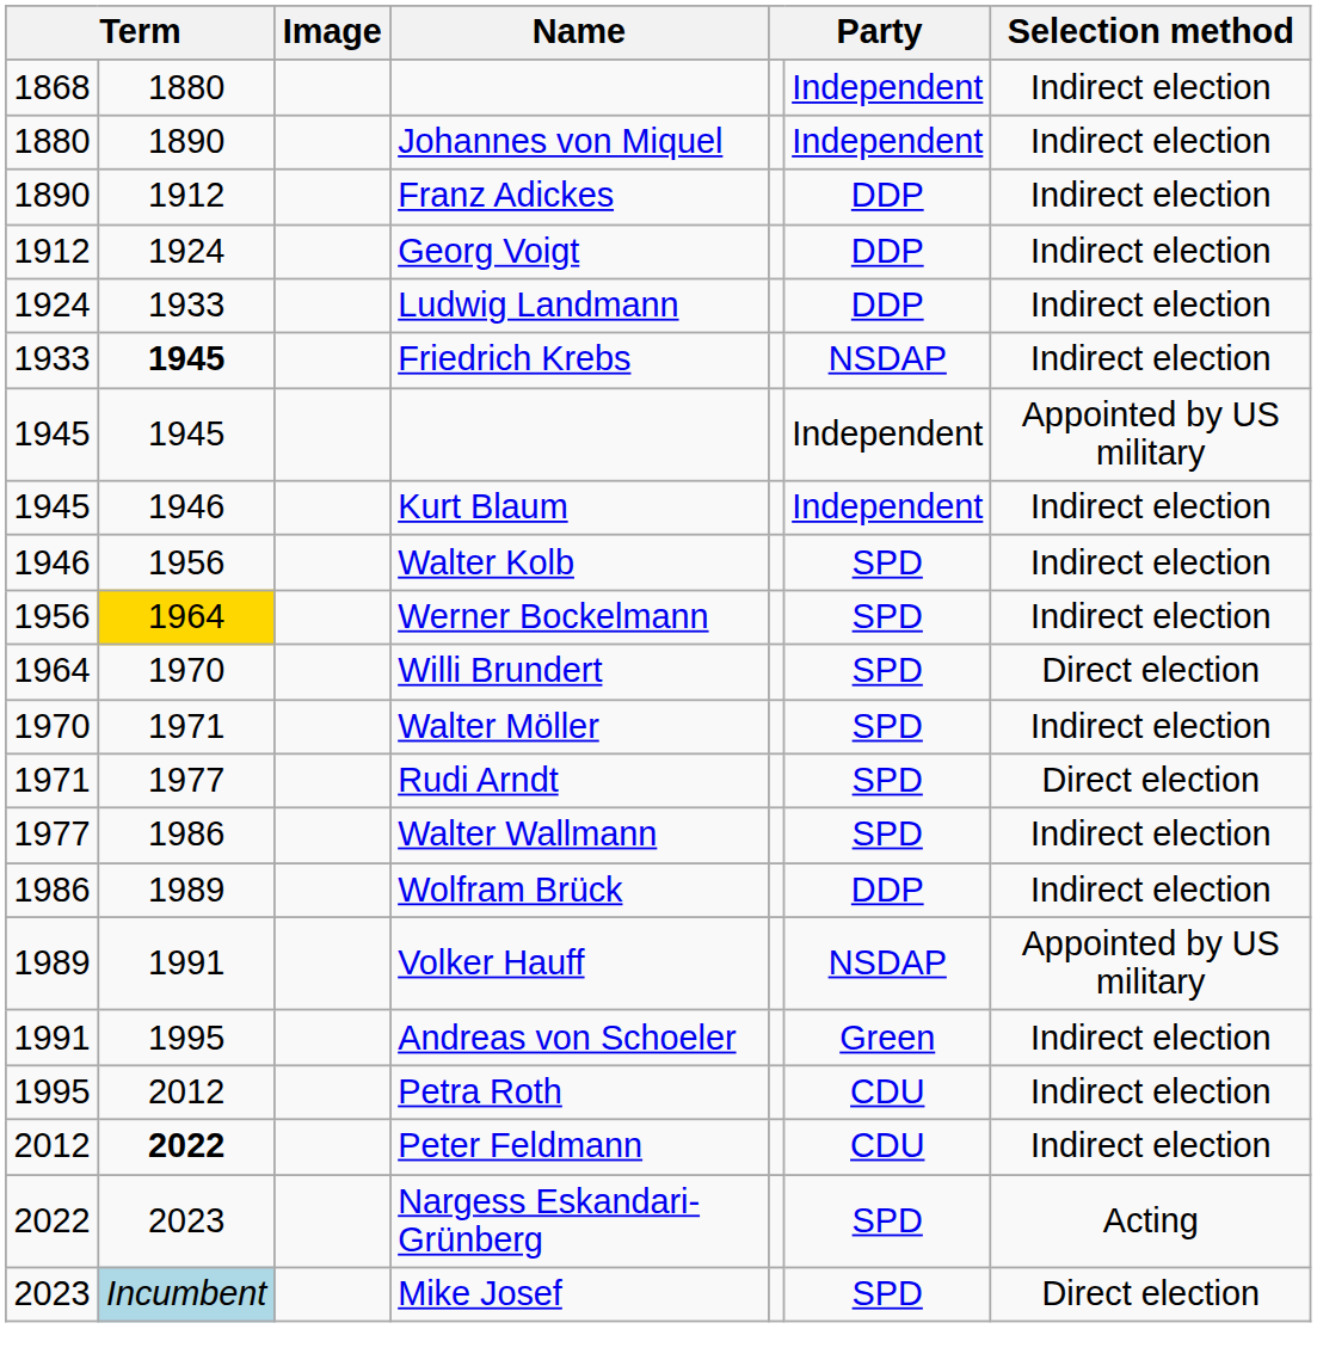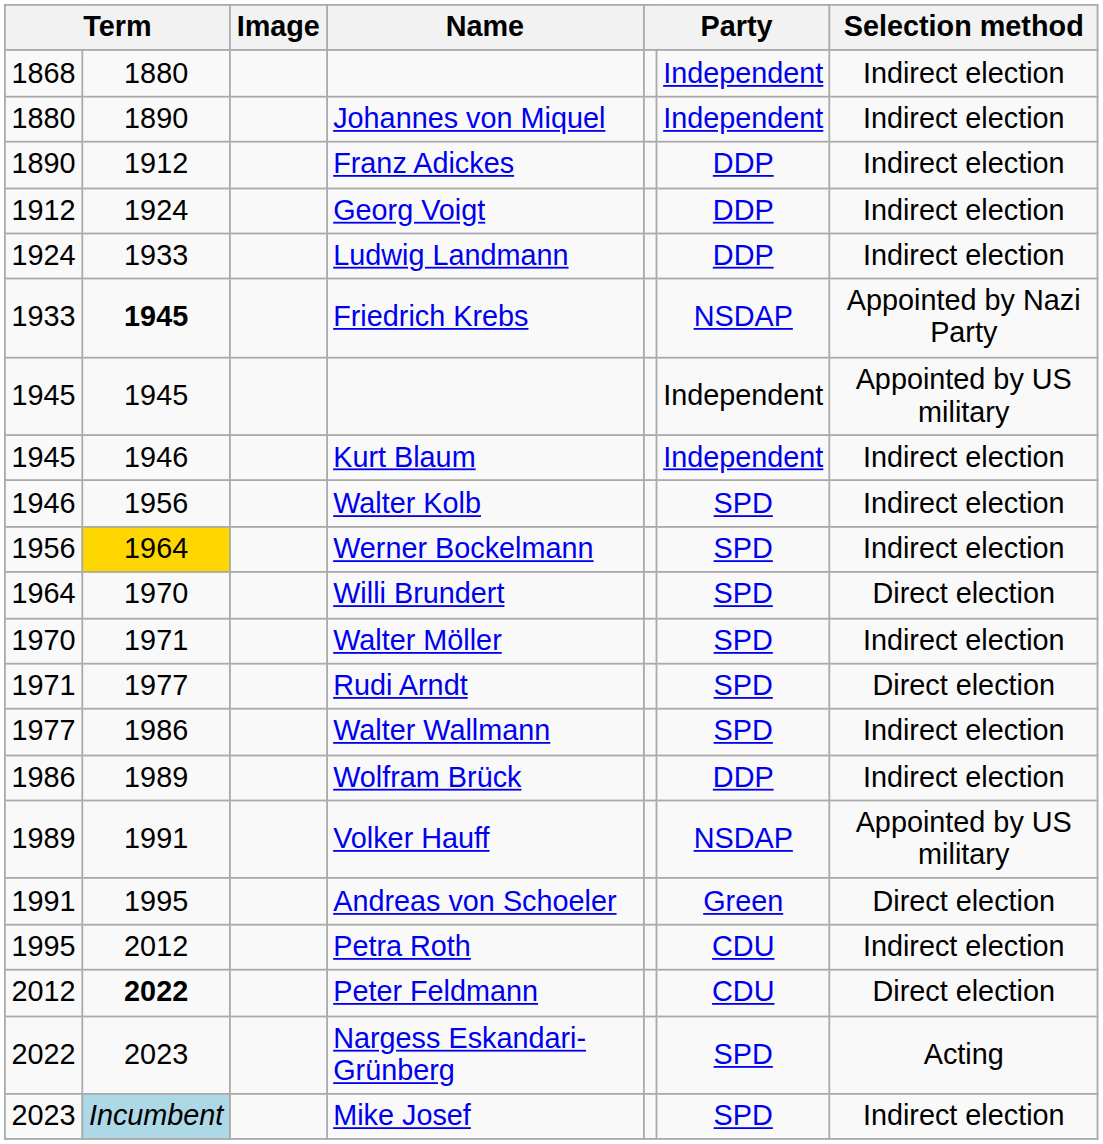 <table class="wikitable">
 <tr -  align="center">
 <th colspan="2">Term</th>
 <th>Image</th>
 <th>Name</th>
 <th colspan="2">Party</th>
 <th>Selection method</th>
 </tr>
 <tr -  align="center">
 <td>1868</td>
 <td>1880</td>
 <td></td>
 <td align="left"></td>
 <td style="background-color: "></td>
 <td><a href='#'>Independent</a></td>
 <td>Indirect election</td>
 </tr>
 <tr -  align="center">
 <td>1880</td>
 <td>1890</td>
 <td></td>
 <td align="left"><a href='#'>Johannes von Miquel</a></td>
 <td style="background-color: "></td>
 <td><a href='#'>Independent</a></td>
 <td>Indirect election</td>
 </tr>
 <tr -  align="center">
 <td>1890</td>
 <td>1912</td>
 <td></td>
 <td align="left"><a href='#'>Franz Adickes</a></td>
 <td style="background-color: "></td>
 <td><a href='#'>DDP</a></td>
 <td>Indirect election</td>
 </tr>
 <tr -  align="center">
 <td>1912</td>
 <td>1924</td>
 <td></td>
 <td align="left"><a href='#'>Georg Voigt</a></td>
 <td style="background-color: "></td>
 <td><a href='#'>DDP</a></td>
 <td>Indirect election</td>
 </tr>
 <tr -  align="center">
 <td>1924</td>
 <td>1933</td>
 <td></td>
 <td align="left"><a href='#'>Ludwig Landmann</a></td>
 <td style="background-color: "></td>
 <td><a href='#'>DDP</a></td>
 <td>Indirect election</td>
 </tr>
 <tr -  align="center">
 <td>1933</td>
 <td><strong>1945</strong></td>
 <td></td>
 <td align="left"><a href='#'>Friedrich Krebs</a></td>
 <td style="background-color: "></td>
 <td><a href='#'>NSDAP</a></td>
-<td>Indirect election</td>
+<td>Appointed by Nazi Party</td>
 </tr>
 <tr -  align="center">
 <td>1945</td>
 <td>1945</td>
 <td></td>
 <td align="left"></td>
 <td style="background-color: "></td>
 <td>Independent</td>
 <td>Appointed by US military</td>
 </tr>
 <tr -  align="center">
 <td>1945</td>
 <td>1946</td>
 <td></td>
 <td align="left"><a href='#'>Kurt Blaum</a></td>
 <td style="background-color: "></td>
 <td><a href='#'>Independent</a></td>
 <td>Indirect election</td>
 </tr>
 <tr -  align="center">
 <td>1946</td>
 <td>1956</td>
 <td></td>
 <td align="left"><a href='#'>Walter Kolb</a></td>
 <td style="background-color: "></td>
 <td><a href='#'>SPD</a></td>
 <td>Indirect election</td>
 </tr>
 <tr -  align="center">
 <td>1956</td>
 <td style="background: gold;">1964</td>
 <td></td>
 <td align="left"><a href='#'>Werner Bockelmann</a></td>
 <td style="background-color: "></td>
 <td><a href='#'>SPD</a></td>
 <td>Indirect election</td>
 </tr>
 <tr -  align="center">
 <td>1964</td>
 <td>1970</td>
 <td></td>
 <td align="left"><a href='#'>Willi Brundert</a></td>
 <td style="background-color: "></td>
 <td><a href='#'>SPD</a></td>
 <td>Direct election</td>
 </tr>
 <tr -  align="center">
 <td>1970</td>
 <td>1971</td>
 <td></td>
 <td align="left"><a href='#'>Walter Möller</a></td>
 <td style="background-color: "></td>
 <td><a href='#'>SPD</a></td>
 <td>Indirect election</td>
 </tr>
 <tr -  align="center">
 <td>1971</td>
 <td>1977</td>
 <td></td>
 <td align="left"><a href='#'>Rudi Arndt</a></td>
 <td style="background-color: "></td>
 <td><a href='#'>SPD</a></td>
 <td>Direct election</td>
 </tr>
 <tr -  align="center">
 <td>1977</td>
 <td>1986</td>
 <td></td>
 <td align="left"><a href='#'>Walter Wallmann</a></td>
 <td style="background-color: "></td>
 <td><a href='#'>SPD</a></td>
 <td>Indirect election</td>
 </tr>
 <tr -  align="center">
 <td>1986</td>
 <td>1989</td>
 <td></td>
 <td align="left"><a href='#'>Wolfram Brück</a></td>
 <td style="background-color: "></td>
 <td><a href='#'>DDP</a></td>
 <td>Indirect election</td>
 </tr>
 <tr -  align="center">
 <td>1989</td>
 <td>1991</td>
 <td></td>
 <td align="left"><a href='#'>Volker Hauff</a></td>
 <td style="background-color: "></td>
 <td><a href='#'>NSDAP</a></td>
 <td>Appointed by US military</td>
 </tr>
 <tr -  align="center">
 <td>1991</td>
 <td>1995</td>
 <td></td>
 <td align="left"><a href='#'>Andreas von Schoeler</a></td>
 <td style="background-color: "></td>
 <td><a href='#'>Green</a></td>
-<td>Indirect election</td>
+<td>Direct election</td>
 </tr>
 <tr -  align="center">
 <td>1995</td>
 <td>2012</td>
 <td></td>
 <td align="left"><a href='#'>Petra Roth</a></td>
 <td style="background-color: "></td>
 <td><a href='#'>CDU</a></td>
 <td>Indirect election</td>
 </tr>
 <tr -  align="center">
 <td>2012</td>
 <td><strong>2022</strong></td>
 <td></td>
 <td align="left"><a href='#'>Peter Feldmann</a></td>
 <td style="background-color: "></td>
 <td><a href='#'>CDU</a></td>
-<td>Indirect election</td>
+<td>Direct election</td>
 </tr>
 <tr -  align="center">
 <td>2022</td>
 <td>2023</td>
 <td></td>
 <td align="left"><a href='#'>Nargess Eskandari-Grünberg</a></td>
 <td style="background-color: "></td>
 <td><a href='#'>SPD</a></td>
 <td>Acting</td>
 </tr>
 <tr -  align="center">
 <td>2023</td>
 <td style="background: lightblue;"><em>Incumbent</em></td>
 <td></td>
 <td align="left"><a href='#'>Mike Josef</a></td>
 <td style="background-color: "></td>
 <td><a href='#'>SPD</a></td>
-<td>Direct election</td>
+<td>Indirect election</td>
 </tr>
 </table>
